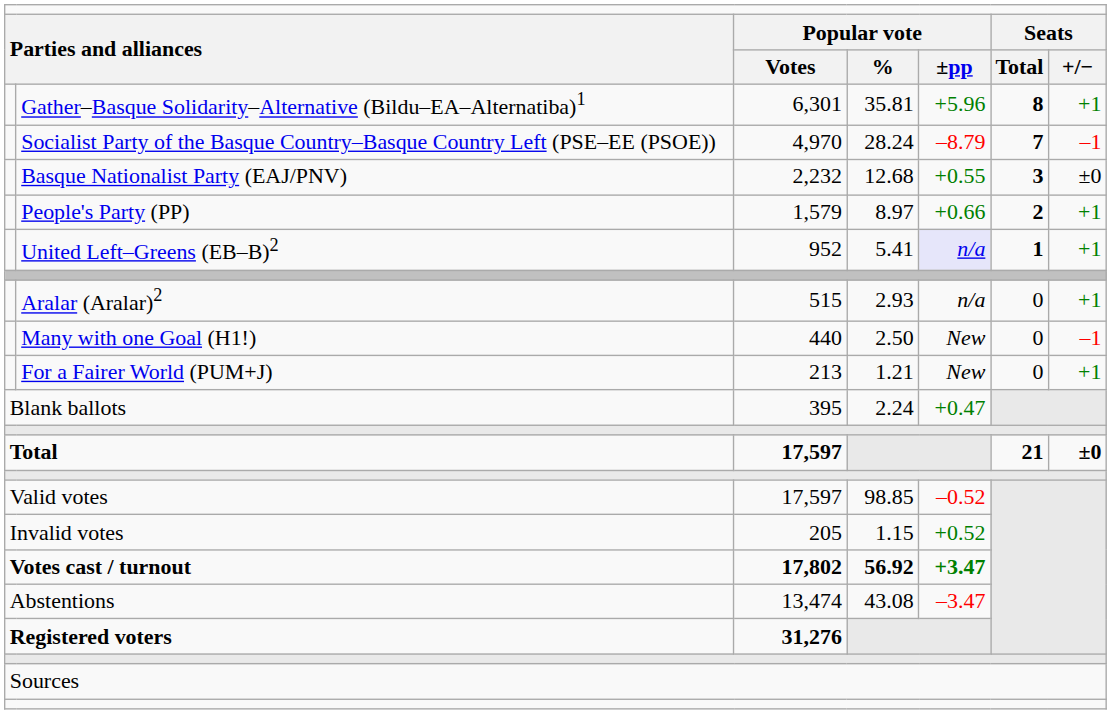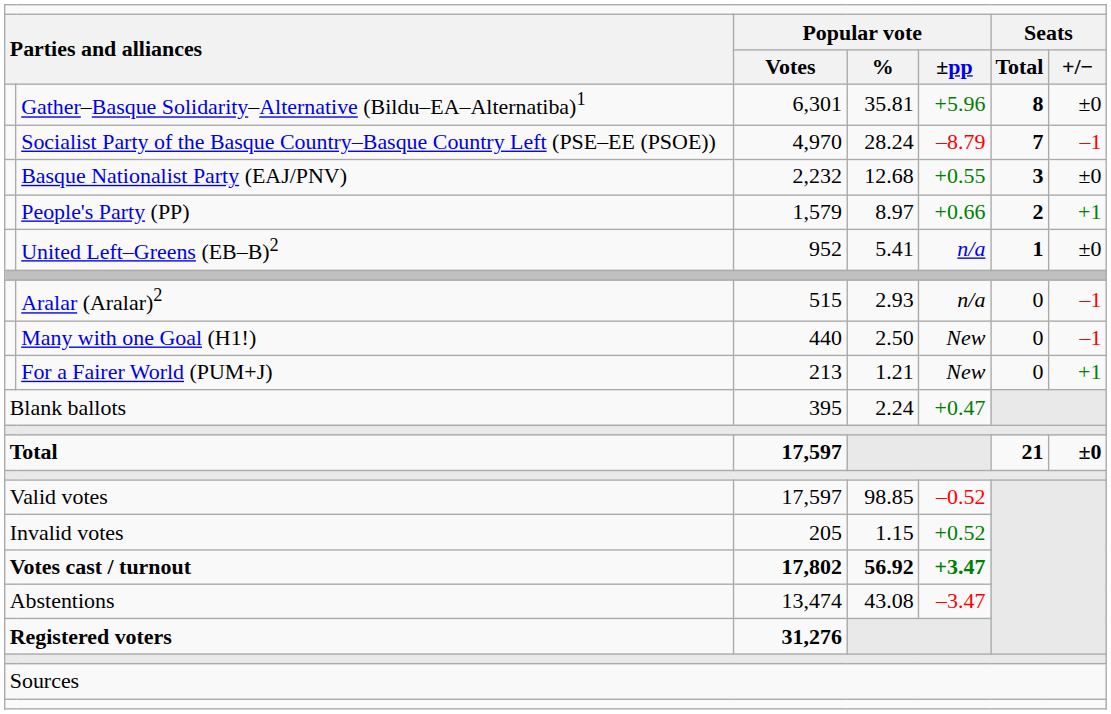 <table class="wikitable" style="text-align:right;">
 <tr>
 <td colspan="7"></td>
 </tr>
 <tr>
 <th style="text-align:left;" rowspan="2" colspan="2" width="525">Parties and alliances</th>
 <th colspan="3">Popular vote</th>
 <th colspan="2">Seats</th>
 </tr>
 <tr>
 <th width="75">Votes</th>
 <th width="45">%</th>
 <th width="45">±<a href='#'>pp</a></th>
 <th width="35">Total</th>
 <th width="35">+/−</th>
 </tr>
 <tr>
 <td width="1" style="color:inherit;background:"></td>
 <td align="left"><a href='#'>Gather</a>–<a href='#'>Basque Solidarity</a>–<a href='#'>Alternative</a> (Bildu–EA–Alternatiba)<sup>1</sup></td>
 <td>6,301</td>
 <td>35.81</td>
 <td style="color:green;">+5.96</td>
 <td><strong>8</strong></td>
-<td style="color:green;">+1</td>
+<td>±0</td>
 </tr>
 <tr>
 <td style="color:inherit;background:"></td>
 <td align="left"><a href='#'>Socialist Party of the Basque Country–Basque Country Left</a> (PSE–EE (PSOE))</td>
 <td>4,970</td>
 <td>28.24</td>
 <td style="color:red;">–8.79</td>
 <td><strong>7</strong></td>
 <td style="color:red;">–1</td>
 </tr>
 <tr>
 <td style="color:inherit;background:"></td>
 <td align="left"><a href='#'>Basque Nationalist Party</a> (EAJ/PNV)</td>
 <td>2,232</td>
 <td>12.68</td>
 <td style="color:green;">+0.55</td>
 <td><strong>3</strong></td>
 <td>±0</td>
 </tr>
 <tr>
 <td style="color:inherit;background:"></td>
 <td align="left"><a href='#'>People's Party</a> (PP)</td>
 <td>1,579</td>
 <td>8.97</td>
 <td style="color:green;">+0.66</td>
 <td><strong>2</strong></td>
 <td style="color:green;">+1</td>
 </tr>
 <tr>
 <td style="color:inherit;background:"></td>
 <td align="left"><a href='#'>United Left–Greens</a> (EB–B)<sup>2</sup></td>
 <td>952</td>
 <td>5.41</td>
-<td style="background: lavender;"><em><a href='#'>n/a</a></em></td>
+<td><em><a href='#'>n/a</a></em></td>
 <td><strong>1</strong></td>
-<td style="color:green;">+1</td>
+<td>±0</td>
 </tr>
 <tr>
 <td colspan="7" bgcolor="#C0C0C0"></td>
 </tr>
 <tr>
 <td style="color:inherit;background:"></td>
 <td align="left"><a href='#'>Aralar</a> (Aralar)<sup>2</sup></td>
 <td>515</td>
 <td>2.93</td>
 <td><em>n/a</em></td>
 <td>0</td>
-<td style="color:green;">+1</td>
+<td style="color:red;">–1</td>
 </tr>
 <tr>
 <td style="color:inherit;background:"></td>
 <td align="left"><a href='#'>Many with one Goal</a> (H1!)</td>
 <td>440</td>
 <td>2.50</td>
 <td><em>New</em></td>
 <td>0</td>
 <td style="color:red;">–1</td>
 </tr>
 <tr>
 <td style="color:inherit;background:"></td>
 <td align="left"><a href='#'>For a Fairer World</a> (PUM+J)</td>
 <td>213</td>
 <td>1.21</td>
 <td><em>New</em></td>
 <td>0</td>
 <td style="color:green;">+1</td>
 </tr>
 <tr>
 <td align="left" colspan="2">Blank ballots</td>
 <td>395</td>
 <td>2.24</td>
 <td style="color:green;">+0.47</td>
 <td bgcolor="#E9E9E9" colspan="2"></td>
 </tr>
 <tr>
 <td colspan="7" bgcolor="#E9E9E9"></td>
 </tr>
 <tr style="font-weight:bold;">
 <td align="left" colspan="2">Total</td>
 <td>17,597</td>
 <td bgcolor="#E9E9E9" colspan="2"></td>
 <td>21</td>
 <td>±0</td>
 </tr>
 <tr>
 <td colspan="7" bgcolor="#E9E9E9"></td>
 </tr>
 <tr>
 <td align="left" colspan="2">Valid votes</td>
 <td>17,597</td>
 <td>98.85</td>
 <td style="color:red;">–0.52</td>
 <td bgcolor="#E9E9E9" colspan="2" rowspan="5"></td>
 </tr>
 <tr>
 <td align="left" colspan="2">Invalid votes</td>
 <td>205</td>
 <td>1.15</td>
 <td style="color:green;">+0.52</td>
 </tr>
 <tr style="font-weight:bold;">
 <td align="left" colspan="2">Votes cast / turnout</td>
 <td>17,802</td>
 <td>56.92</td>
 <td style="color:green;">+3.47</td>
 </tr>
 <tr>
 <td align="left" colspan="2">Abstentions</td>
 <td>13,474</td>
 <td>43.08</td>
 <td style="color:red;">–3.47</td>
 </tr>
 <tr style="font-weight:bold;">
 <td align="left" colspan="2">Registered voters</td>
 <td>31,276</td>
 <td bgcolor="#E9E9E9" colspan="2"></td>
 </tr>
 <tr>
 <td colspan="7" bgcolor="#E9E9E9"></td>
 </tr>
 <tr>
 <td align="left" colspan="7">Sources</td>
 </tr>
 <tr>
 <td colspan="7" style="text-align:left; max-width:790px;"></td>
 </tr>
 </table>
